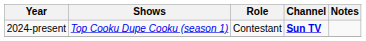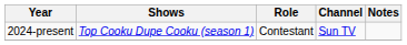 <table class="wikitable sortable">
 <tr>
 <th>Year</th>
 <th>Shows</th>
 <th>Role</th>
 <th>Channel</th>
 <th>Notes</th>
 </tr>
 <tr>
 <td>2024-present</td>
 <td><em><a href='#'>Top Cooku Dupe Cooku (season 1)</a></em></td>
 <td>Contestant</td>
-<td><strong><a href='#'>Sun TV</a></strong></td>
+<td><a href='#'>Sun TV</a></td>
 <td></td>
 </tr>
 <tr>
 </tr>
 </table>
